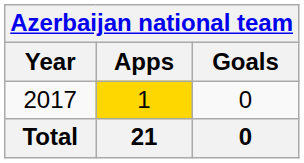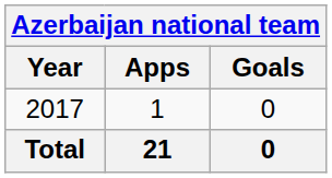 <table class="wikitable" style="text-align:center">
 <tr>
 <th colspan=3><a href='#'>Azerbaijan national team</a></th>
 </tr>
 <tr>
 <th>Year</th>
 <th>Apps</th>
 <th>Goals</th>
 </tr>
 <tr>
 <td>2017</td>
-<td style="background: gold;">1</td>
+<td>1</td>
 <td>0</td>
 </tr>
 <tr>
 <th>Total</th>
 <th>21</th>
 <th>0</th>
 </tr>
 </table>
